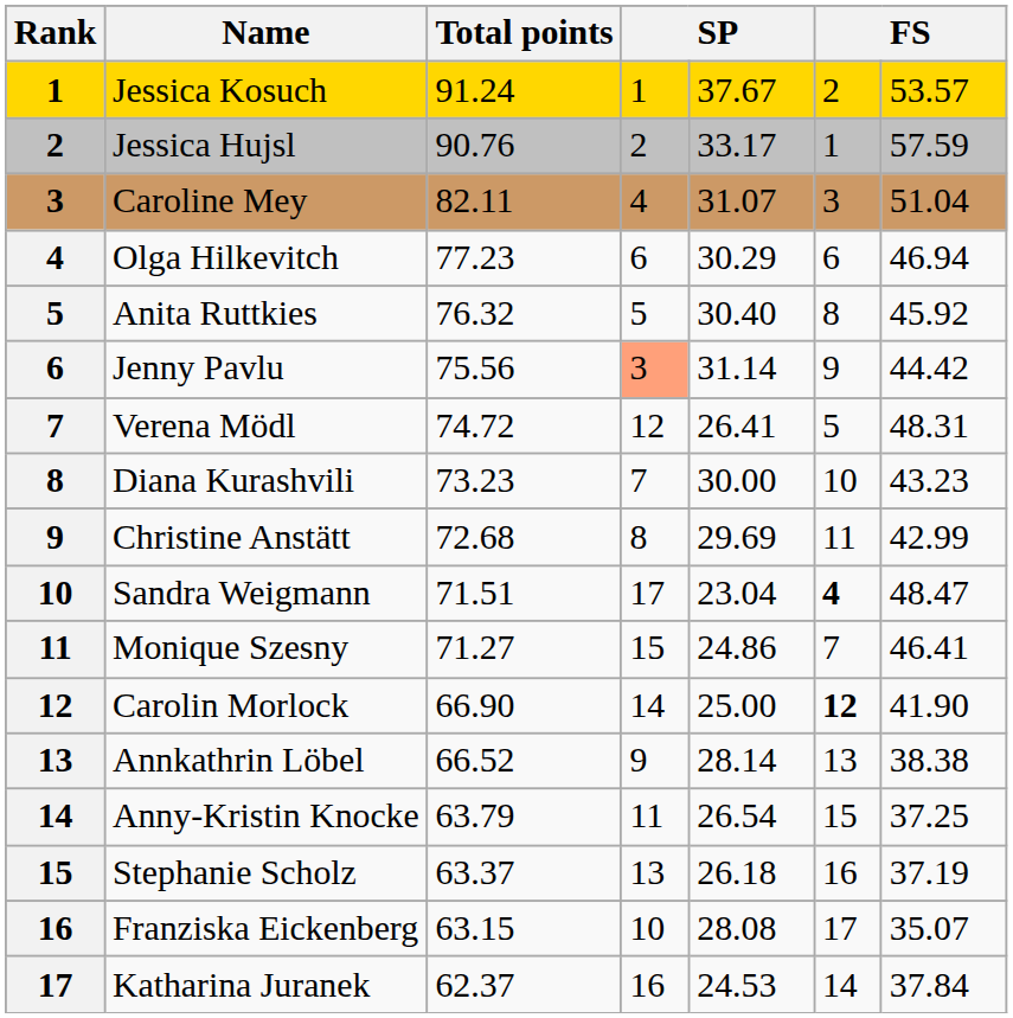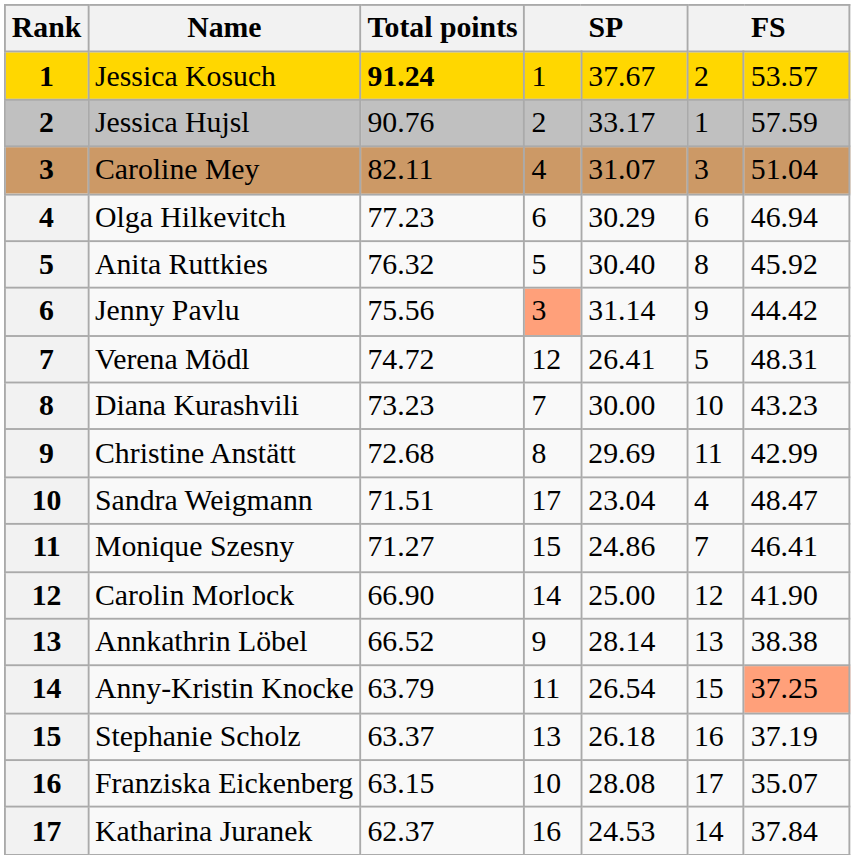 <table class="wikitable">
 <tr>
 <th>Rank</th>
 <th>Name</th>
 <th>Total points</th>
 <th colspan="2" width="80px">SP</th>
 <th colspan="2" width="80px">FS</th>
 </tr>
 <tr bgcolor="gold">
 <td align="center"><strong>1</strong></td>
 <td>Jessica Kosuch</td>
-<td>91.24</td>
+<td><strong>91.24</strong></td>
 <td>1</td>
 <td>37.67</td>
 <td>2</td>
 <td>53.57</td>
 </tr>
 <tr bgcolor="silver">
 <td align="center"><strong>2</strong></td>
 <td>Jessica Hujsl</td>
 <td>90.76</td>
 <td>2</td>
 <td>33.17</td>
 <td>1</td>
 <td>57.59</td>
 </tr>
 <tr bgcolor="cc9966">
 <td align="center"><strong>3</strong></td>
 <td>Caroline Mey</td>
 <td>82.11</td>
 <td>4</td>
 <td>31.07</td>
 <td>3</td>
 <td>51.04</td>
 </tr>
 <tr>
 <th>4</th>
 <td>Olga Hilkevitch</td>
 <td>77.23</td>
 <td>6</td>
 <td>30.29</td>
 <td>6</td>
 <td>46.94</td>
 </tr>
 <tr>
 <th>5</th>
 <td>Anita Ruttkies</td>
 <td>76.32</td>
 <td>5</td>
 <td>30.40</td>
 <td>8</td>
 <td>45.92</td>
 </tr>
 <tr>
 <th>6</th>
 <td>Jenny Pavlu</td>
 <td>75.56</td>
 <td style="background: lightsalmon;">3</td>
 <td>31.14</td>
 <td>9</td>
 <td>44.42</td>
 </tr>
 <tr>
 <th>7</th>
 <td>Verena Mödl</td>
 <td>74.72</td>
 <td>12</td>
 <td>26.41</td>
 <td>5</td>
 <td>48.31</td>
 </tr>
 <tr>
 <th>8</th>
 <td>Diana Kurashvili</td>
 <td>73.23</td>
 <td>7</td>
 <td>30.00</td>
 <td>10</td>
 <td>43.23</td>
 </tr>
 <tr>
 <th>9</th>
 <td>Christine Anstätt</td>
 <td>72.68</td>
 <td>8</td>
 <td>29.69</td>
 <td>11</td>
 <td>42.99</td>
 </tr>
 <tr>
 <th>10</th>
 <td>Sandra Weigmann</td>
 <td>71.51</td>
 <td>17</td>
 <td>23.04</td>
-<td><strong>4</strong></td>
+<td>4</td>
 <td>48.47</td>
 </tr>
 <tr>
 <th>11</th>
 <td>Monique Szesny</td>
 <td>71.27</td>
 <td>15</td>
 <td>24.86</td>
 <td>7</td>
 <td>46.41</td>
 </tr>
 <tr>
 <th>12</th>
 <td>Carolin Morlock</td>
 <td>66.90</td>
 <td>14</td>
 <td>25.00</td>
-<td><strong>12</strong></td>
+<td>12</td>
 <td>41.90</td>
 </tr>
 <tr>
 <th>13</th>
 <td>Annkathrin Löbel</td>
 <td>66.52</td>
 <td>9</td>
 <td>28.14</td>
 <td>13</td>
 <td>38.38</td>
 </tr>
 <tr>
 <th>14</th>
 <td>Anny-Kristin Knocke</td>
 <td>63.79</td>
 <td>11</td>
 <td>26.54</td>
 <td>15</td>
-<td>37.25</td>
+<td style="background: lightsalmon;">37.25</td>
 </tr>
 <tr>
 <th>15</th>
 <td>Stephanie Scholz</td>
 <td>63.37</td>
 <td>13</td>
 <td>26.18</td>
 <td>16</td>
 <td>37.19</td>
 </tr>
 <tr>
 <th>16</th>
 <td>Franziska Eickenberg</td>
 <td>63.15</td>
 <td>10</td>
 <td>28.08</td>
 <td>17</td>
 <td>35.07</td>
 </tr>
 <tr>
 <th>17</th>
 <td>Katharina Juranek</td>
 <td>62.37</td>
 <td>16</td>
 <td>24.53</td>
 <td>14</td>
 <td>37.84</td>
 </tr>
 </table>
